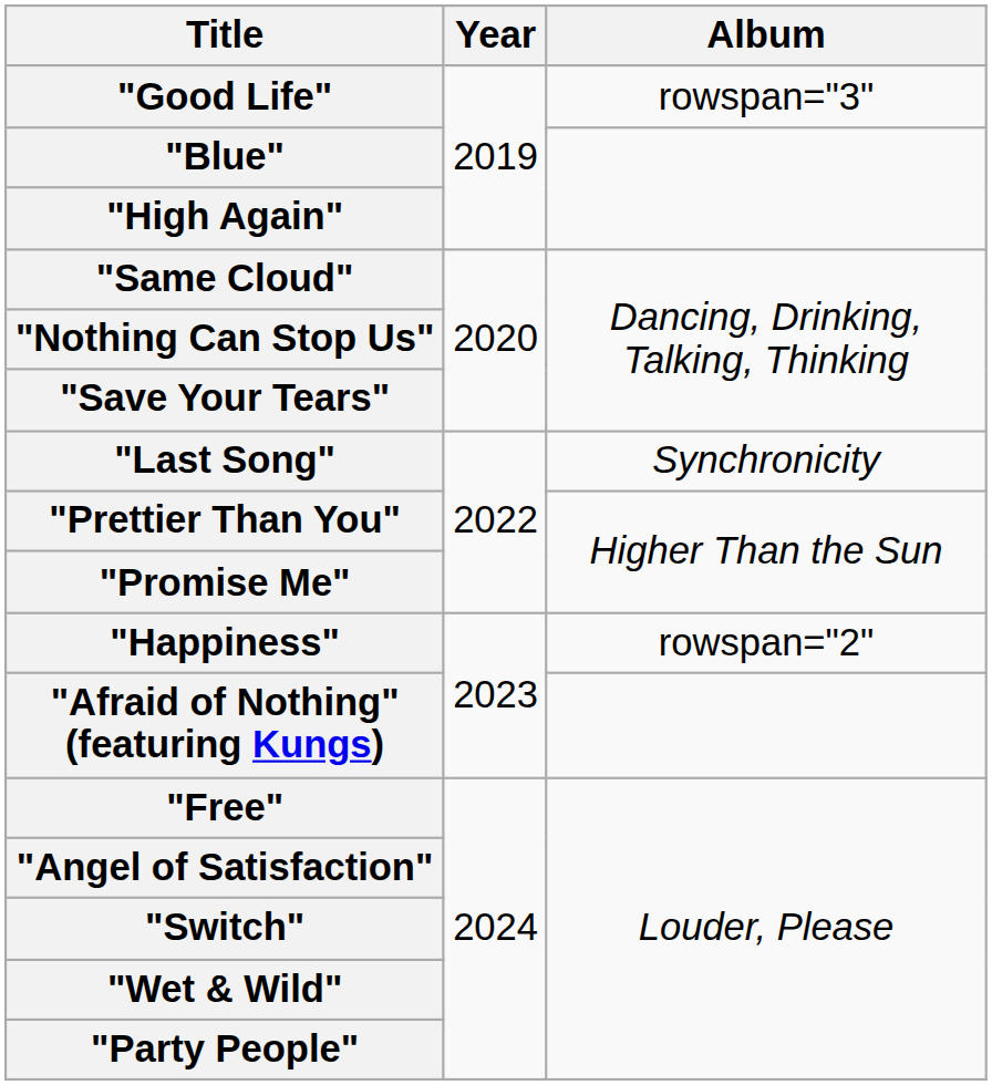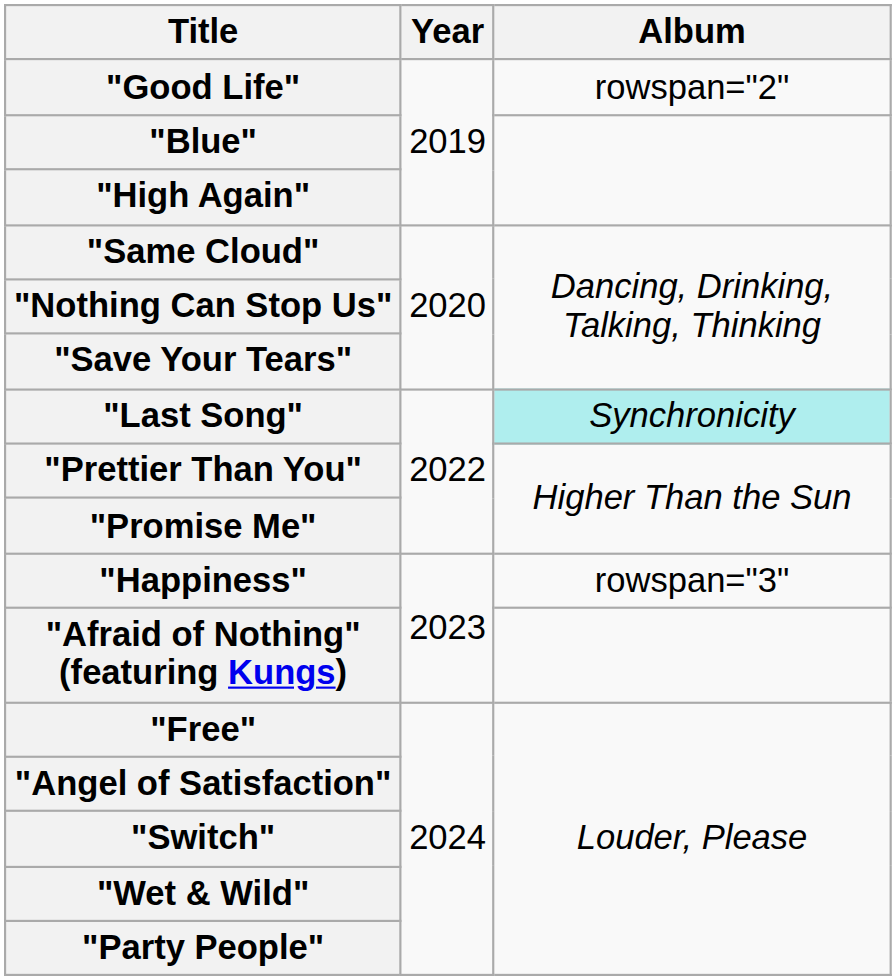 <table class="wikitable plainrowheaders" style="text-align:center;" border="1">
 <tr>
 <th scope="col" style="width:11em;">Title</th>
 <th scope="col" style="width:1em;">Year</th>
 <th scope="col" style="width:11em;">Album</th>
 </tr>
 <tr>
 <th scope="row">"Good Life"</th>
 <td rowspan="3">2019</td>
-<td>rowspan="3" </td>
+<td>rowspan="2" </td>
 </tr>
 <tr>
 <th scope="row">"Blue"</th>
 </tr>
 <tr>
 <th scope="row">"High Again"</th>
 </tr>
 <tr>
 <th scope="row">"Same Cloud"</th>
 <td rowspan="3">2020</td>
 <td rowspan="3"><em>Dancing, Drinking, Talking, Thinking</em></td>
 </tr>
 <tr>
 <th scope="row">"Nothing Can Stop Us"</th>
 </tr>
 <tr>
 <th scope="row">"Save Your Tears"</th>
 </tr>
 <tr>
 <th scope="row">"Last Song"</th>
 <td rowspan="3">2022</td>
-<td><em>Synchronicity</em></td>
+<td style="background: paleturquoise;"><em>Synchronicity</em></td>
 </tr>
 <tr>
 <th scope="row">"Prettier Than You"</th>
 <td rowspan="2"><em>Higher Than the Sun</em></td>
 </tr>
 <tr>
 <th scope="row">"Promise Me"</th>
 </tr>
 <tr>
 <th scope="row">"Happiness"</th>
 <td rowspan="2">2023</td>
-<td>rowspan="2" </td>
+<td>rowspan="3" </td>
 </tr>
 <tr>
 <th scope="row">"Afraid of Nothing" <br><span>(featuring <a href='#'>Kungs</a>)</span></th>
 </tr>
 <tr>
 <th scope="row">"Free"</th>
 <td rowspan="5">2024</td>
 <td rowspan="5"><em>Louder, Please</em></td>
 </tr>
 <tr>
 <th scope="row">"Angel of Satisfaction"</th>
 </tr>
 <tr>
 <th scope="row">"Switch"</th>
 </tr>
 <tr>
 <th scope="row">"Wet & Wild"</th>
 </tr>
 <tr>
 <th scope="row">"Party People"</th>
 </tr>
 </table>
